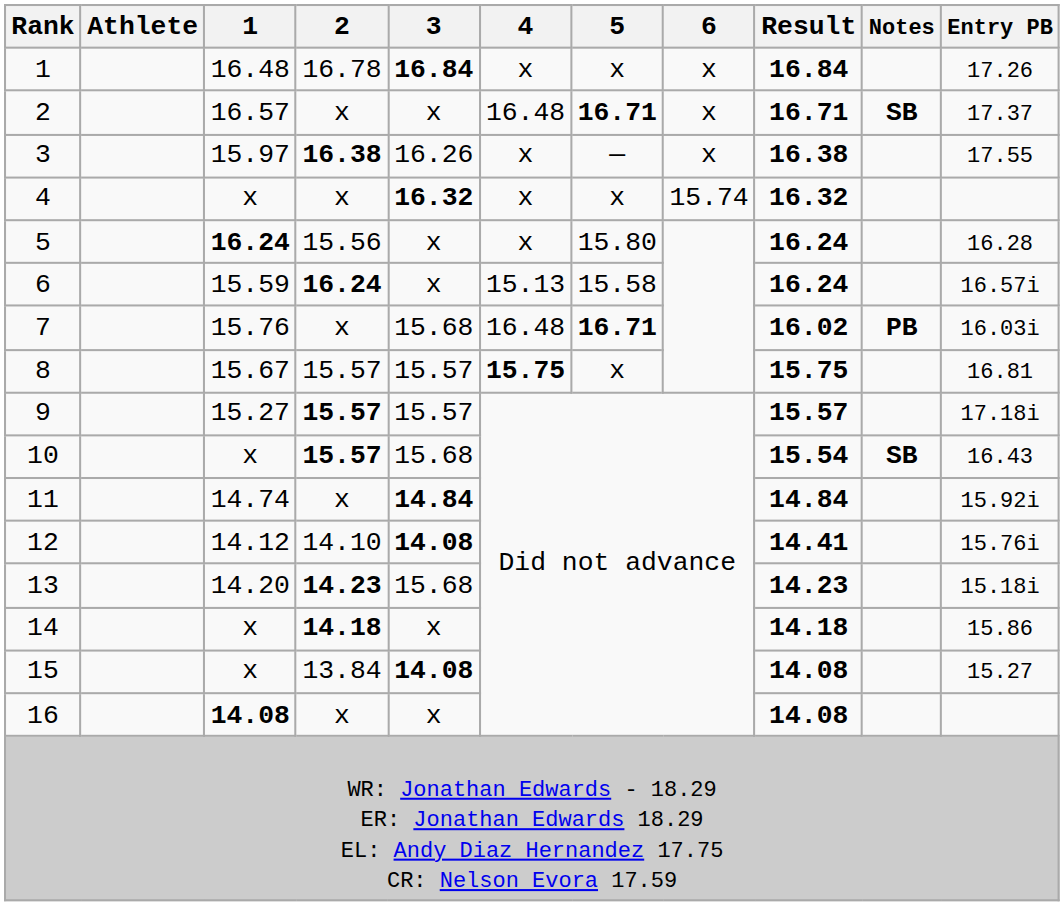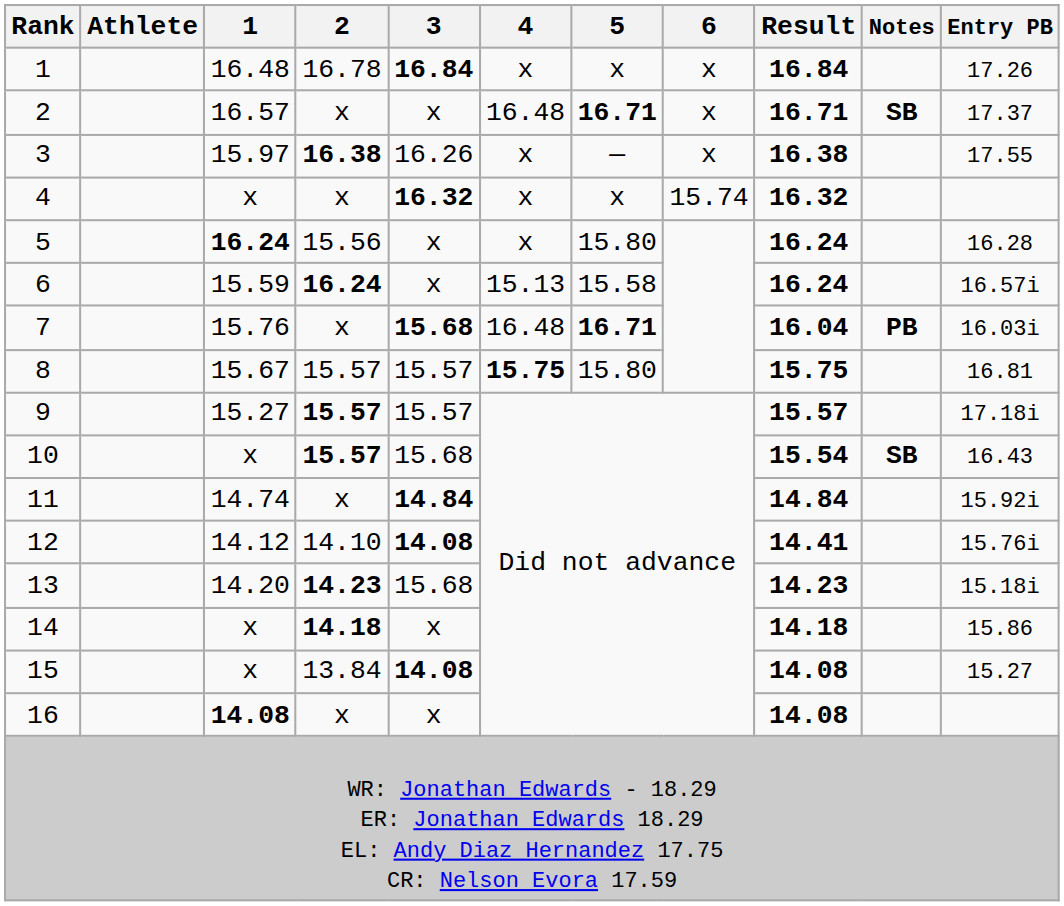 <table class="wikitable sortable" style="text-align:center;">
 <tr>
 <th>Rank</th>
 <th>Athlete</th>
 <th>1</th>
 <th>2</th>
 <th>3</th>
 <th>4</th>
 <th>5</th>
 <th>6</th>
 <th>Result</th>
 <th><small>Notes</small></th>
 <th><small>Entry PB</small></th>
 </tr>
 <tr>
 <td>1</td>
 <td align=left></td>
 <td>16.48</td>
 <td>16.78</td>
 <td><strong>16.84</strong></td>
 <td>x</td>
 <td>x</td>
 <td>x</td>
 <td><strong>16.84</strong></td>
 <td></td>
 <td><small>17.26</small></td>
 </tr>
 <tr>
 <td>2</td>
 <td align=left></td>
 <td>16.57</td>
 <td>x</td>
 <td>x</td>
 <td>16.48</td>
 <td><strong>16.71</strong></td>
 <td>x</td>
 <td><strong>16.71</strong></td>
 <td> <strong>SB</strong></td>
 <td><small>17.37</small></td>
 </tr>
 <tr>
 <td>3</td>
 <td align=left></td>
 <td>15.97</td>
 <td><strong>16.38</strong></td>
 <td>16.26</td>
 <td>x</td>
 <td>—</td>
 <td>x</td>
 <td><strong>16.38</strong></td>
 <td></td>
 <td><small>17.55</small></td>
 </tr>
 <tr>
 <td>4</td>
 <td align=left></td>
 <td>x</td>
 <td>x</td>
 <td><strong>16.32</strong></td>
 <td>x</td>
 <td>x</td>
 <td>15.74</td>
 <td><strong>16.32</strong></td>
 <td></td>
 <td></td>
 </tr>
 <tr>
 <td>5</td>
 <td align=left></td>
 <td><strong>16.24</strong></td>
 <td>15.56</td>
 <td>x</td>
 <td>x</td>
 <td>15.80</td>
 <td rowspan=4></td>
 <td><strong>16.24</strong></td>
 <td></td>
 <td><small>16.28</small></td>
 </tr>
 <tr>
 <td>6</td>
 <td align=left></td>
 <td>15.59</td>
 <td><strong>16.24</strong></td>
 <td>x</td>
 <td>15.13</td>
 <td>15.58</td>
 <td><strong>16.24</strong></td>
 <td></td>
 <td><small>16.57i</small></td>
 </tr>
 <tr>
 <td>7</td>
 <td align=left></td>
 <td>15.76</td>
 <td>x</td>
-<td>15.68</td>
+<td><strong>15.68</strong></td>
 <td>16.48</td>
 <td><strong>16.71</strong></td>
-<td><strong>16.02</strong></td>
+<td><strong>16.04</strong></td>
 <td><strong>PB</strong></td>
 <td><small>16.03i</small></td>
 </tr>
 <tr>
 <td>8</td>
 <td align=left></td>
 <td>15.67</td>
 <td>15.57</td>
 <td>15.57</td>
 <td><strong>15.75</strong></td>
-<td>x</td>
+<td>15.80</td>
 <td><strong>15.75</strong></td>
 <td></td>
 <td><small>16.81</small></td>
 </tr>
 <tr>
 <td>9</td>
 <td align=left></td>
 <td>15.27</td>
 <td><strong>15.57</strong></td>
 <td>15.57</td>
 <td rowspan=8 colspan=3>Did not advance</td>
 <td><strong>15.57</strong></td>
 <td></td>
 <td><small>17.18i</small></td>
 </tr>
 <tr>
 <td>10</td>
 <td align=left></td>
 <td>x</td>
 <td><strong>15.57</strong></td>
 <td>15.68</td>
 <td><strong>15.54</strong></td>
 <td><strong>SB</strong></td>
 <td><small>16.43</small></td>
 </tr>
 <tr>
 <td>11</td>
 <td align=left></td>
 <td>14.74</td>
 <td>x</td>
 <td><strong>14.84</strong></td>
 <td><strong>14.84</strong></td>
 <td></td>
 <td><small>15.92i</small></td>
 </tr>
 <tr>
 <td>12</td>
 <td align=left></td>
 <td>14.12</td>
 <td>14.10</td>
 <td><strong>14.08</strong></td>
 <td><strong>14.41</strong></td>
 <td></td>
 <td><small>15.76i</small></td>
 </tr>
 <tr>
 <td>13</td>
 <td align=left></td>
 <td>14.20</td>
 <td><strong>14.23</strong></td>
 <td>15.68</td>
 <td><strong>14.23</strong></td>
 <td></td>
 <td><small>15.18i</small></td>
 </tr>
 <tr>
 <td>14</td>
 <td align=left></td>
 <td>x</td>
 <td><strong>14.18</strong></td>
 <td>x</td>
 <td><strong>14.18</strong></td>
 <td></td>
 <td><small>15.86</small></td>
 </tr>
 <tr>
 <td>15</td>
 <td align=left></td>
 <td>x</td>
 <td>13.84</td>
 <td><strong>14.08</strong></td>
 <td><strong>14.08</strong></td>
 <td></td>
 <td><small>15.27</small></td>
 </tr>
 <tr>
 <td>16</td>
 <td align=left></td>
 <td><strong>14.08</strong></td>
 <td>x</td>
 <td>x</td>
 <td><strong>14.08</strong></td>
 <td></td>
 <td></td>
 </tr>
 <tr>
 <td colspan="11" bgcolor="#cccccc"><br> <small>WR:   <a href='#'>Jonathan Edwards</a> - 18.29<br>ER:  <a href='#'>Jonathan Edwards</a> 18.29<br></small> <small>EL:   <a href='#'>Andy Diaz Hernandez</a> 17.75<br>CR:  <a href='#'>Nelson Evora</a> 17.59</small></td>
 </tr>
 </table>
